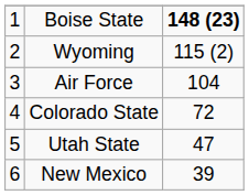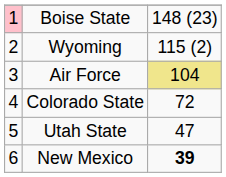 <table class="wikitable" style="display: inline-table;">
 <tr align="center">
 </tr>
 <tr align="center">
-<td>1</td>
+<td style="background: pink;">1</td>
 <td>Boise State</td>
-<td><strong>148 (23)</strong></td>
+<td>148 (23)</td>
 </tr>
 <tr align="center">
 <td>2</td>
 <td>Wyoming</td>
 <td>115 (2)</td>
 </tr>
 <tr align="center">
 <td>3</td>
 <td>Air Force</td>
-<td>104</td>
+<td style="background: khaki;">104</td>
 </tr>
 <tr align="center">
 <td>4</td>
 <td>Colorado State</td>
 <td>72</td>
 </tr>
 <tr align="center">
 <td>5</td>
 <td>Utah State</td>
 <td>47</td>
 </tr>
 <tr align="center">
 <td>6</td>
 <td>New Mexico</td>
-<td>39</td>
+<td><strong>39</strong></td>
 </tr>
 </table>
